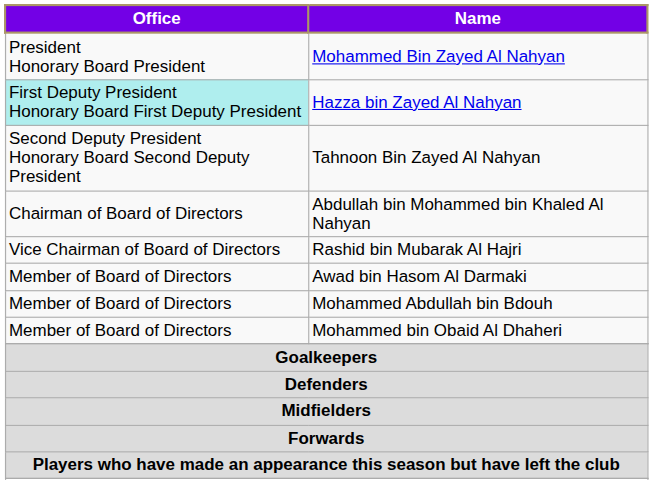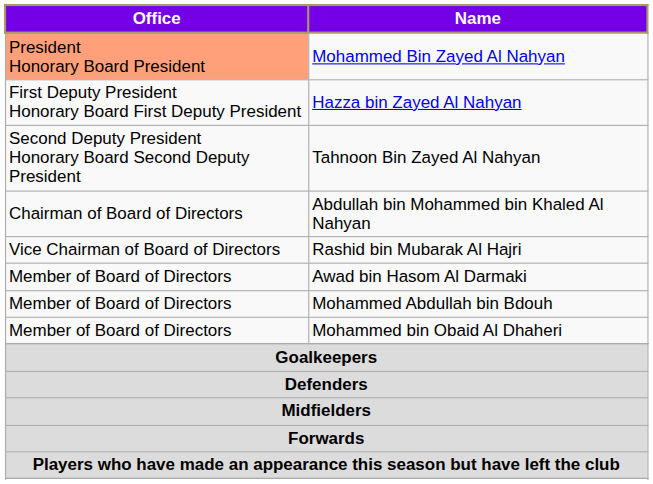 <table class="wikitable">
 <tr>
 <th style="color:#FFFFFF; background: #7300E6; border:2px solid #AB9767;">Office</th>
 <th style="color:#FFFFFF; background: #7300E6; border:2px solid #AB9767;">Name</th>
 </tr>
 <tr>
-<td>President<br>Honorary Board President</td>
+<td style="background: lightsalmon;">President<br>Honorary Board President</td>
 <td><a href='#'>Mohammed Bin Zayed Al Nahyan</a></td>
 </tr>
 <tr>
-<td style="background: paleturquoise;">First Deputy President <br>Honorary Board First Deputy President</td>
+<td>First Deputy President <br>Honorary Board First Deputy President</td>
 <td><a href='#'>Hazza bin Zayed Al Nahyan</a></td>
 </tr>
 <tr>
 <td>Second Deputy President<br>Honorary Board Second Deputy President</td>
 <td>Tahnoon Bin Zayed Al Nahyan</td>
 </tr>
 <tr>
 <td>Chairman of Board of Directors</td>
 <td>Abdullah bin Mohammed bin Khaled Al Nahyan</td>
 </tr>
 <tr>
 <td>Vice Chairman of Board of Directors</td>
 <td>Rashid bin Mubarak Al Hajri</td>
 </tr>
 <tr>
 <td>Member of Board of Directors</td>
 <td>Awad bin Hasom Al Darmaki</td>
 </tr>
 <tr>
 <td>Member of Board of Directors</td>
 <td>Mohammed Abdullah bin Bdouh</td>
 </tr>
 <tr>
 <td>Member of Board of Directors</td>
 <td>Mohammed bin Obaid Al Dhaheri</td>
 </tr>
 <tr>
 </tr>
 <tr>
 <th colspan=16 style=background:#dcdcdc; text-align:center>Goalkeepers<br>      </th>
 </tr>
 <tr>
 <th colspan=16 style=background:#dcdcdc; text-align:center>Defenders<br>         </th>
 </tr>
 <tr>
 <th colspan=16 style=background:#dcdcdc; text-align:center>Midfielders<br>              </th>
 </tr>
 <tr>
 <th colspan=16 style=background:#dcdcdc; text-align:center>Forwards<br>      </th>
 </tr>
 <tr>
 <th colspan=16 style=background:#dcdcdc; text-align:center>Players who have made an appearance this season but have left the club</th>
 </tr>
 <tr>
 </tr>
 <tr>
 </tr>
 </table>
